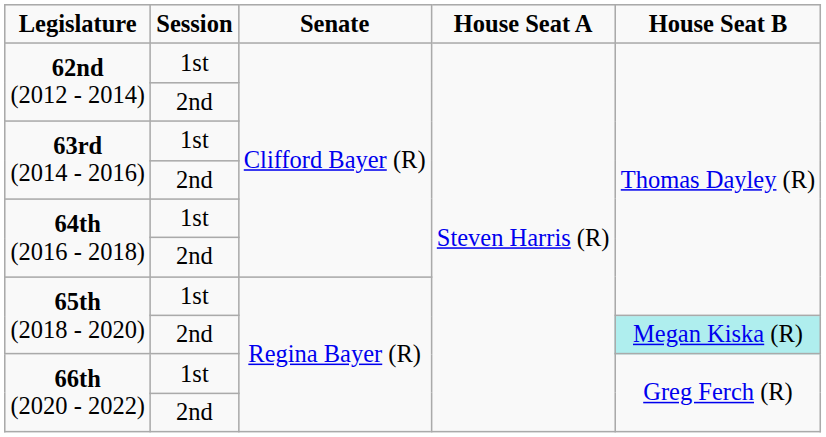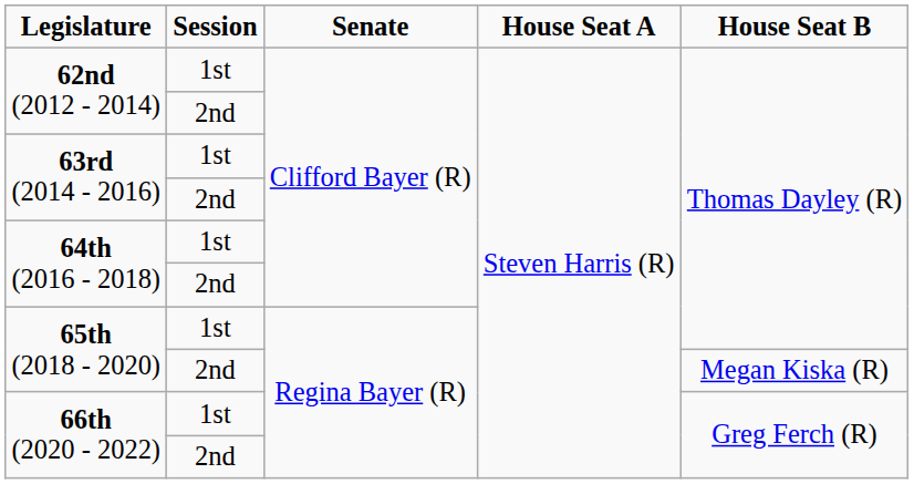 <table class=wikitable style="text-align:center">
 <tr>
 <td><strong>Legislature</strong></td>
 <td><strong>Session</strong></td>
 <td><strong>Senate</strong></td>
 <td><strong>House Seat A</strong></td>
 <td><strong>House Seat B</strong></td>
 </tr>
 <tr>
 <td rowspan="2" colspan="1" style="text-align: center;"><strong>62nd</strong> <br> (2012 - 2014)</td>
 <td>1st</td>
 <td rowspan="6" colspan="1" style="text-align: center;" ><a href='#'>Clifford Bayer</a> (R)</td>
 <td rowspan="10" colspan="1" style="text-align: center;" ><a href='#'>Steven Harris</a> (R)</td>
 <td rowspan="7" colspan="1" style="text-align: center;" ><a href='#'>Thomas Dayley</a> (R)</td>
 </tr>
 <tr>
 <td>2nd</td>
 </tr>
 <tr>
 <td rowspan="2" colspan="1" style="text-align: center;"><strong>63rd</strong> <br> (2014 - 2016)</td>
 <td>1st</td>
 </tr>
 <tr>
 <td>2nd</td>
 </tr>
 <tr>
 <td rowspan="2" colspan="1" style="text-align: center;"><strong>64th</strong> <br> (2016 - 2018)</td>
 <td>1st</td>
 </tr>
 <tr>
 <td>2nd</td>
 </tr>
 <tr>
 <td rowspan="2" colspan="1" style="text-align: center;"><strong>65th</strong> <br> (2018 - 2020)</td>
 <td>1st</td>
 <td rowspan="4" colspan="1" style="text-align: center;" ><a href='#'>Regina Bayer</a> (R)</td>
 </tr>
 <tr>
 <td>2nd</td>
-<td rowspan="1" colspan="1" style="background: paleturquoise; text-align: center;" ><a href='#'>Megan Kiska</a> (R)</td>
+<td rowspan="1" colspan="1" style="text-align: center;" ><a href='#'>Megan Kiska</a> (R)</td>
 </tr>
 <tr>
 <td rowspan="2" colspan="1" style="text-align: center;"><strong>66th</strong> <br> (2020 - 2022)</td>
 <td>1st</td>
 <td rowspan="2" colspan="1" style="text-align: center;" ><a href='#'>Greg Ferch</a> (R)</td>
 </tr>
 <tr>
 <td>2nd</td>
 </tr>
 </table>
